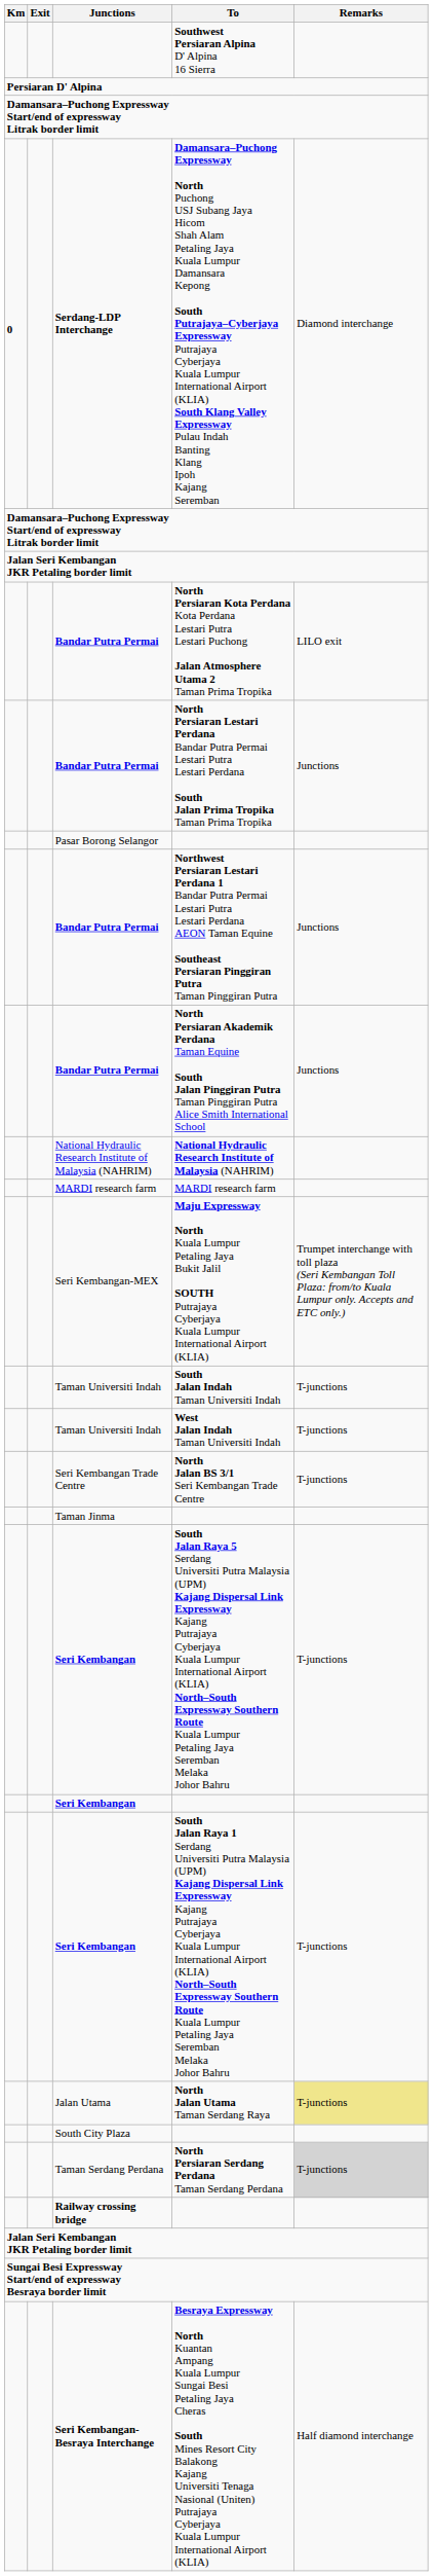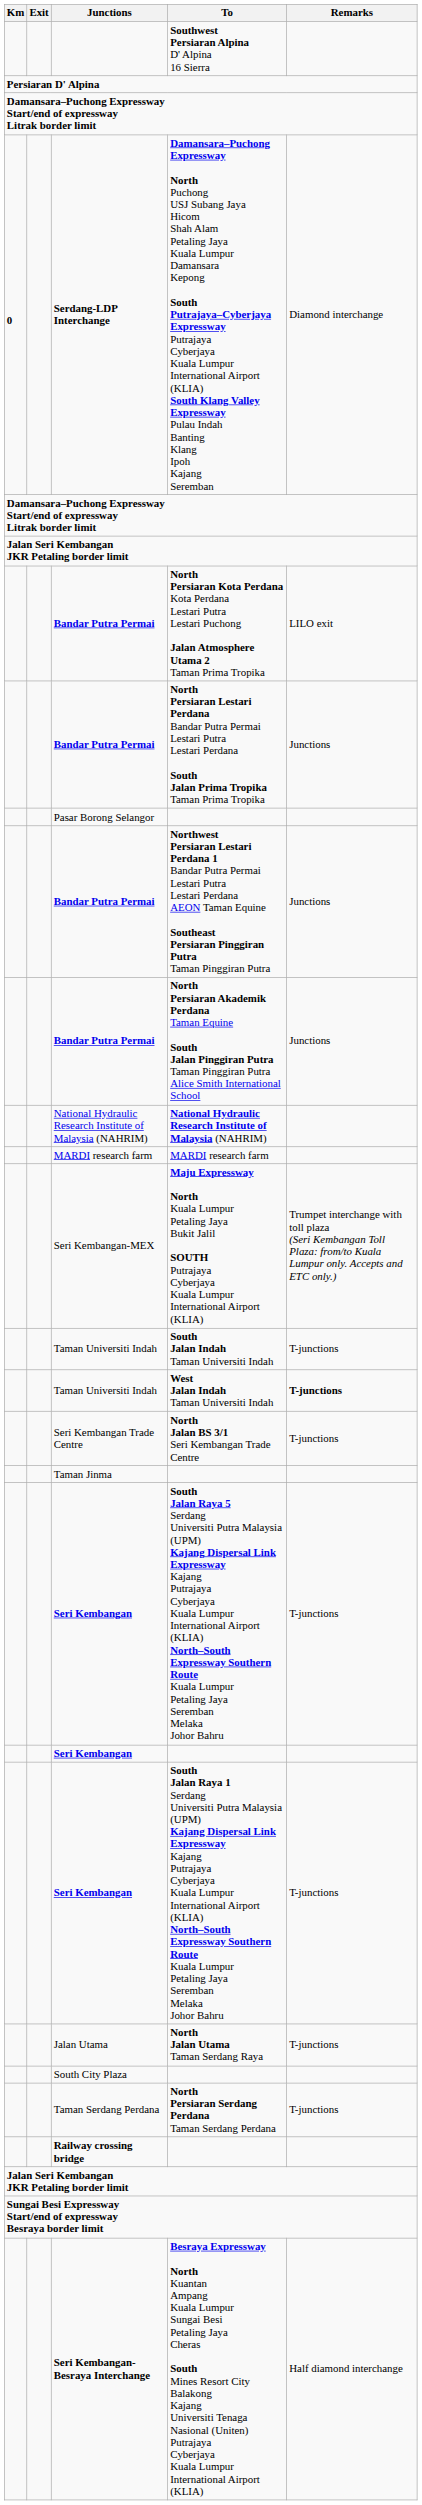 <table class="wikitable">
 <tr>
 <th>Km</th>
 <th>Exit</th>
 <th>Junctions</th>
 <th>To</th>
 <th>Remarks</th>
 </tr>
 <tr>
 <td></td>
 <td></td>
 <td></td>
 <td><strong>Southwest</strong><br><strong>Persiaran Alpina</strong><br>D' Alpina<br>16 Sierra</td>
 <td></td>
 </tr>
 <tr>
 <td style="width:600px" colspan="6" style="text-align:center; background:blue;"><strong><span>Persiaran D' Alpina</span></strong></td>
 </tr>
 <tr>
 <td style="width:600px" colspan="6" style="text-align:center; background:green;"><strong><span> Damansara–Puchong Expressway<br>Start/end of expressway<br>Litrak border limit</span></strong></td>
 </tr>
 <tr>
 <td><br><strong>0</strong></td>
 <td></td>
 <td><strong>Serdang-LDP Interchange</strong></td>
 <td> <strong><a href='#'>Damansara–Puchong Expressway</a></strong><br><br><strong>North</strong><br> Puchong<br> USJ Subang Jaya<br> Hicom<br> Shah Alam<br> Petaling Jaya<br> Kuala Lumpur<br> Damansara<br> Kepong<br><br><strong>South</strong><br> <strong><a href='#'>Putrajaya–Cyberjaya Expressway</a></strong><br> Putrajaya<br> Cyberjaya<br> Kuala Lumpur International Airport (KLIA) <br> <strong><a href='#'>South Klang Valley Expressway</a></strong><br> Pulau Indah <br> Banting<br>  Klang<br>  Ipoh<br> Kajang<br>  Seremban</td>
 <td>Diamond interchange</td>
 </tr>
 <tr>
 <td style="width:600px" colspan="6" style="text-align:center; background:green;"><strong><span> Damansara–Puchong Expressway<br>Start/end of expressway<br>Litrak border limit</span></strong></td>
 </tr>
 <tr>
 <td style="width:600px" colspan="6" style="text-align:center; background:blue;"><strong><span> Jalan Seri Kembangan<br>JKR Petaling border limit</span></strong></td>
 </tr>
 <tr>
 <td></td>
 <td></td>
 <td><strong><a href='#'>Bandar Putra Permai</a></strong></td>
 <td><strong>North</strong><br><strong>Persiaran Kota Perdana</strong><br>Kota Perdana<br>Lestari Putra<br>Lestari Puchong<br><br><strong>Jalan Atmosphere Utama 2</strong><br>Taman Prima Tropika</td>
 <td>LILO exit</td>
 </tr>
 <tr>
 <td></td>
 <td></td>
 <td><strong><a href='#'>Bandar Putra Permai</a></strong></td>
 <td><strong>North</strong><br><strong>Persiaran Lestari Perdana</strong><br>Bandar Putra Permai<br>Lestari Putra<br>Lestari Perdana<br><br><strong>South</strong><br><strong>Jalan Prima Tropika</strong><br>Taman Prima Tropika</td>
 <td>Junctions</td>
 </tr>
 <tr>
 <td></td>
 <td></td>
 <td>Pasar Borong Selangor</td>
 <td></td>
 <td></td>
 </tr>
 <tr>
 <td></td>
 <td></td>
 <td><strong><a href='#'>Bandar Putra Permai</a></strong></td>
 <td><strong>Northwest</strong><br><strong>Persiaran Lestari Perdana 1</strong><br>Bandar Putra Permai<br>Lestari Putra<br>Lestari Perdana<br><a href='#'>AEON</a> Taman Equine<br><br><strong>Southeast</strong><br><strong>Persiaran Pinggiran Putra</strong><br>Taman Pinggiran Putra</td>
 <td>Junctions</td>
 </tr>
 <tr>
 <td></td>
 <td></td>
 <td><strong><a href='#'>Bandar Putra Permai</a></strong></td>
 <td><strong>North</strong><br><strong>Persiaran Akademik Perdana </strong><br><a href='#'>Taman Equine</a><br><br><strong>South</strong><br><strong>Jalan Pinggiran Putra</strong><br>Taman Pinggiran Putra<br><a href='#'>Alice Smith International School</a></td>
 <td>Junctions</td>
 </tr>
 <tr>
 <td></td>
 <td></td>
 <td><a href='#'>National Hydraulic Research Institute of Malaysia</a> (NAHRIM)</td>
 <td><strong><a href='#'>National Hydraulic Research Institute of Malaysia</a></strong> (NAHRIM)</td>
 <td></td>
 </tr>
 <tr>
 <td></td>
 <td></td>
 <td><a href='#'>MARDI</a> research farm</td>
 <td><a href='#'>MARDI</a> research farm</td>
 <td></td>
 </tr>
 <tr>
 <td></td>
 <td></td>
 <td>Seri Kembangan-MEX</td>
 <td> <strong><a href='#'>Maju Expressway</a></strong><br><br><strong>North</strong><br>Kuala Lumpur<br>Petaling Jaya<br>Bukit Jalil<br><br><strong>SOUTH</strong><br>Putrajaya<br>Cyberjaya<br>Kuala Lumpur International Airport (KLIA) </td>
 <td>Trumpet interchange with toll plaza<br><em>(Seri Kembangan Toll Plaza: from/to Kuala Lumpur only. Accepts  and  ETC only.)</em></td>
 </tr>
 <tr>
 <td></td>
 <td></td>
 <td>Taman Universiti Indah</td>
 <td><strong>South</strong><br><strong>Jalan Indah</strong><br>Taman Universiti Indah</td>
 <td>T-junctions</td>
 </tr>
 <tr>
 <td></td>
 <td></td>
 <td>Taman Universiti Indah</td>
 <td><strong>West</strong><br><strong>Jalan Indah</strong><br>Taman Universiti Indah</td>
-<td>T-junctions</td>
+<td><strong>T-junctions</strong></td>
 </tr>
 <tr>
 <td></td>
 <td></td>
 <td>Seri Kembangan Trade Centre</td>
 <td><strong>North</strong><br><strong>Jalan BS 3/1</strong><br>Seri Kembangan Trade Centre</td>
 <td>T-junctions</td>
 </tr>
 <tr>
 <td></td>
 <td></td>
 <td>Taman Jinma</td>
 <td></td>
 <td></td>
 </tr>
 <tr>
 <td></td>
 <td></td>
 <td><strong><a href='#'>Seri Kembangan</a></strong></td>
 <td><strong>South</strong><br> <strong><a href='#'>Jalan Raya 5</a></strong><br>Serdang<br>Universiti Putra Malaysia (UPM) <br> <strong><a href='#'>Kajang Dispersal Link Expressway</a></strong><br>Kajang<br>Putrajaya<br>Cyberjaya<br>Kuala Lumpur International Airport (KLIA) <br> <strong><a href='#'>North–South Expressway Southern Route</a></strong><br>Kuala Lumpur<br>Petaling Jaya<br>Seremban<br>Melaka<br>Johor Bahru</td>
 <td>T-junctions</td>
 </tr>
 <tr>
 <td></td>
 <td></td>
 <td><strong><a href='#'>Seri Kembangan</a></strong></td>
 <td></td>
 <td></td>
 </tr>
 <tr>
 <td></td>
 <td></td>
 <td><strong><a href='#'>Seri Kembangan</a></strong></td>
 <td><strong>South</strong><br><strong>Jalan Raya 1</strong><br>Serdang<br>Universiti Putra Malaysia (UPM) <br> <strong><a href='#'>Kajang Dispersal Link Expressway</a></strong><br>Kajang<br>Putrajaya<br>Cyberjaya<br>Kuala Lumpur International Airport (KLIA) <br> <strong><a href='#'>North–South Expressway Southern Route</a></strong><br>Kuala Lumpur<br>Petaling Jaya<br>Seremban<br>Melaka<br>Johor Bahru</td>
 <td>T-junctions</td>
 </tr>
 <tr>
 <td></td>
 <td></td>
 <td>Jalan Utama</td>
 <td><strong>North</strong><br><strong>Jalan Utama</strong><br>Taman Serdang Raya</td>
-<td style="background: khaki;">T-junctions</td>
+<td>T-junctions</td>
 </tr>
 <tr>
 <td></td>
 <td></td>
 <td>South City Plaza</td>
 <td></td>
 <td></td>
 </tr>
 <tr>
 <td></td>
 <td></td>
 <td>Taman Serdang Perdana</td>
 <td><strong>North</strong><br><strong>Persiaran Serdang Perdana</strong><br>Taman Serdang Perdana</td>
-<td style="background: lightgrey;">T-junctions</td>
+<td>T-junctions</td>
 </tr>
 <tr>
 <td></td>
 <td></td>
 <td><strong>Railway crossing bridge</strong></td>
 <td></td>
 <td></td>
 </tr>
 <tr>
 <td style="width:600px" colspan="6" style="text-align:center; background:blue;"><strong><span> Jalan Seri Kembangan<br>JKR Petaling border limit</span></strong></td>
 </tr>
 <tr>
 <td style="width:600px" colspan="6" style="text-align:center; background:green;"><strong><span> Sungai Besi Expressway<br>Start/end of expressway<br>Besraya border limit</span></strong></td>
 </tr>
 <tr>
 <td></td>
 <td></td>
 <td><strong>Seri Kembangan-Besraya Interchange</strong></td>
 <td> <strong><a href='#'>Besraya Expressway</a></strong><br><br><strong>North</strong><br>   Kuantan<br> Ampang<br> Kuala Lumpur<br> Sungai Besi<br> Petaling Jaya<br> Cheras<br><br><strong>South</strong><br> Mines Resort City<br> Balakong<br> Kajang<br> Universiti Tenaga Nasional (Uniten) <br> Putrajaya<br> Cyberjaya<br>  Kuala Lumpur International Airport (KLIA) </td>
 <td>Half diamond interchange</td>
 </tr>
 </table>
